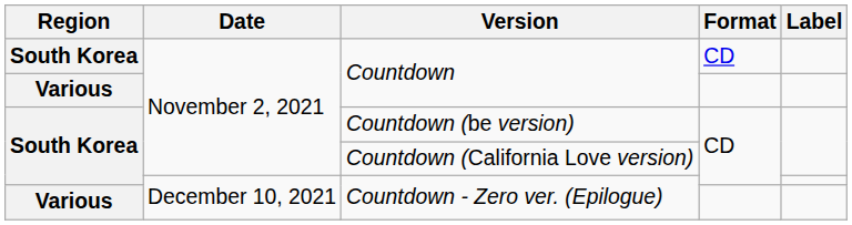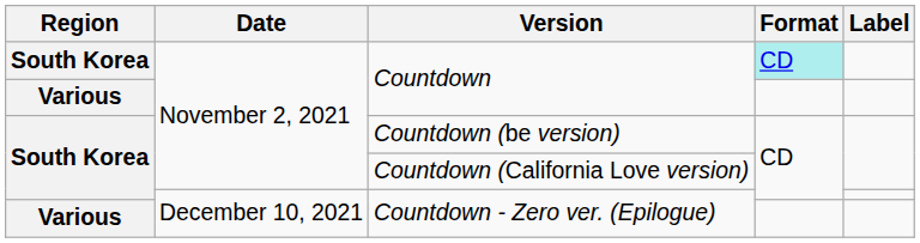 <table class="wikitable plainrowheaders">
 <tr>
 <th scope="col">Region</th>
 <th scope="col">Date</th>
 <th scope="col">Version</th>
 <th scope="col">Format</th>
 <th scope="col">Label</th>
 </tr>
 <tr>
 <th scope="row">South Korea</th>
 <td rowspan="4">November 2, 2021</td>
 <td rowspan="2"><em>Countdown</em></td>
-<td><a href='#'>CD</a></td>
+<td style="background: paleturquoise;"><a href='#'>CD</a></td>
 <td></td>
 </tr>
 <tr>
 <th scope="row">Various </th>
 <td></td>
 <td></td>
 </tr>
 <tr>
 <th scope="row" rowspan="3">South Korea</th>
 <td><em>Countdown (</em>be<em> version)</em></td>
 <td rowspan="3">CD</td>
 <td rowspan="2"></td>
 </tr>
 <tr>
 <td><em>Countdown (</em>California Love<em> version)</em></td>
 </tr>
 <tr>
 <td rowspan="2">December 10, 2021</td>
 <td rowspan="2"><em>Countdown - Zero ver. (Epilogue)</em></td>
 <td></td>
 </tr>
 <tr>
 <th scope="row">Various </th>
 <td></td>
 <td></td>
 </tr>
 </table>
